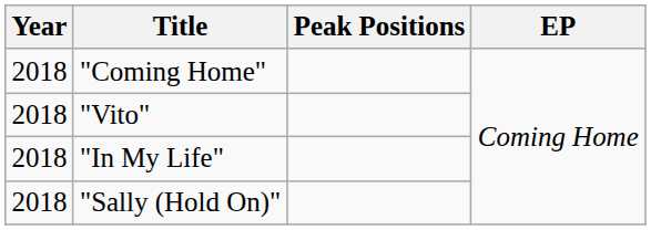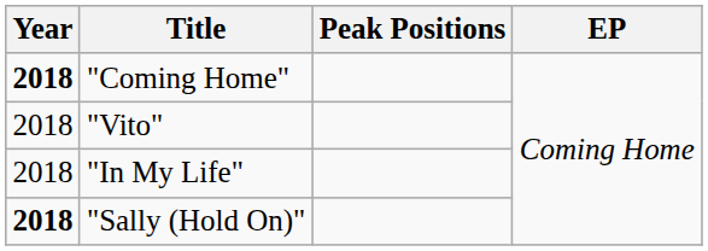 <table class="wikitable">
 <tr>
 <th>Year</th>
 <th>Title</th>
 <th>Peak Positions</th>
 <th>EP</th>
 </tr>
 <tr>
-<td>2018</td>
+<td><strong>2018</strong></td>
 <td>"Coming Home"</td>
 <td></td>
 <td rowspan="4"><em>Coming Home</em></td>
 </tr>
 <tr>
 <td>2018</td>
 <td>"Vito"</td>
 <td></td>
 </tr>
 <tr>
 <td>2018</td>
 <td>"In My Life"</td>
 <td></td>
 </tr>
 <tr>
-<td>2018</td>
+<td><strong>2018</strong></td>
 <td>"Sally (Hold On)"</td>
 <td></td>
 </tr>
 </table>
